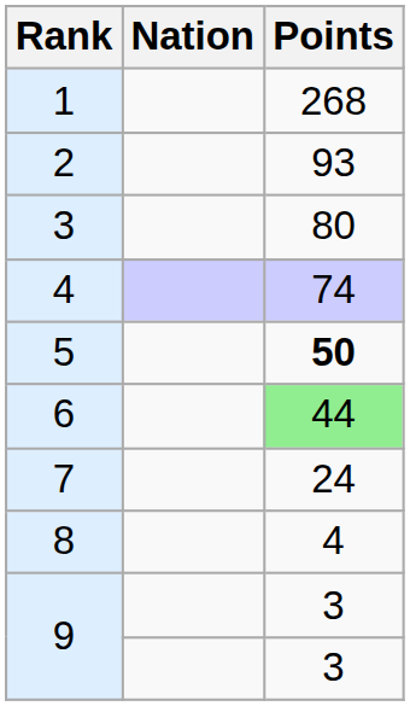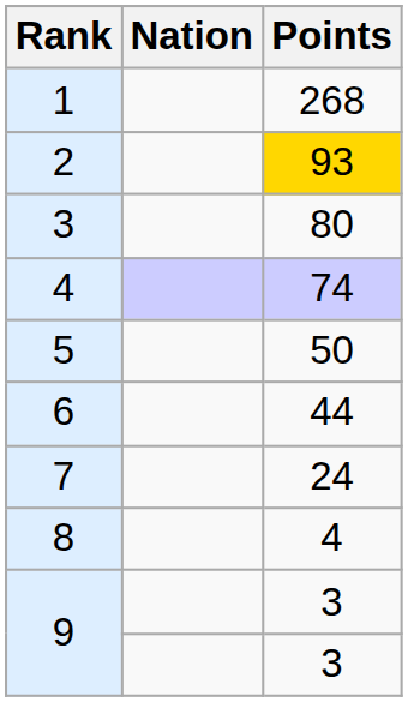 <table class="wikitable sortable" style="text-align:center">
 <tr>
 <th>Rank</th>
 <th>Nation</th>
 <th>Points</th>
 </tr>
 <tr>
 <td bgcolor = DDEEFF>1</td>
 <td align=left></td>
 <td>268</td>
 </tr>
 <tr>
 <td bgcolor = DDEEFF>2</td>
 <td align=left></td>
-<td>93</td>
+<td style="background: gold;">93</td>
 </tr>
 <tr>
 <td bgcolor = DDEEFF>3</td>
 <td align=left></td>
 <td>80</td>
 </tr>
 <tr style="background-color:#ccccff">
 <td bgcolor = DDEEFF>4</td>
 <td align=left></td>
 <td>74</td>
 </tr>
 <tr>
 <td bgcolor = DDEEFF>5</td>
 <td align=left></td>
-<td><strong>50</strong></td>
+<td>50</td>
 </tr>
 <tr>
 <td bgcolor = DDEEFF>6</td>
 <td align=left></td>
-<td style="background: lightgreen;">44</td>
+<td>44</td>
 </tr>
 <tr>
 <td bgcolor = DDEEFF>7</td>
 <td align=left></td>
 <td>24</td>
 </tr>
 <tr>
 <td bgcolor = DDEEFF>8</td>
 <td align=left></td>
 <td>4</td>
 </tr>
 <tr>
 <td rowspan="2" bgcolor = DDEEFF>9</td>
 <td align=left></td>
 <td>3</td>
 </tr>
 <tr>
 <td align=left></td>
 <td>3</td>
 </tr>
 </table>
